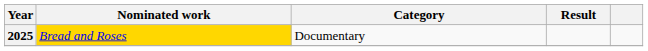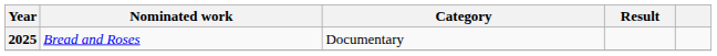 <table class="wikitable plainrowheaders">
 <tr>
 <th scope="col" style="width:5%;">Year</th>
 <th scope="col" style="width:40%;">Nominated work</th>
 <th scope="col" style="width:40%;">Category</th>
 <th scope="col" style="width:10%;">Result</th>
 <th scope="col" style="width:5%;"></th>
 </tr>
 <tr>
 <th scope="row" style="text-align:center;">2025</th>
-<td style="background: gold; text-align:left;"><em><a href='#'>Bread and Roses</a></em></td>
+<td style="text-align:left;"><em><a href='#'>Bread and Roses</a></em></td>
 <td>Documentary</td>
 <td></td>
 <td style="text-align:center;"></td>
 </tr>
 <tr>
 </tr>
 </table>
